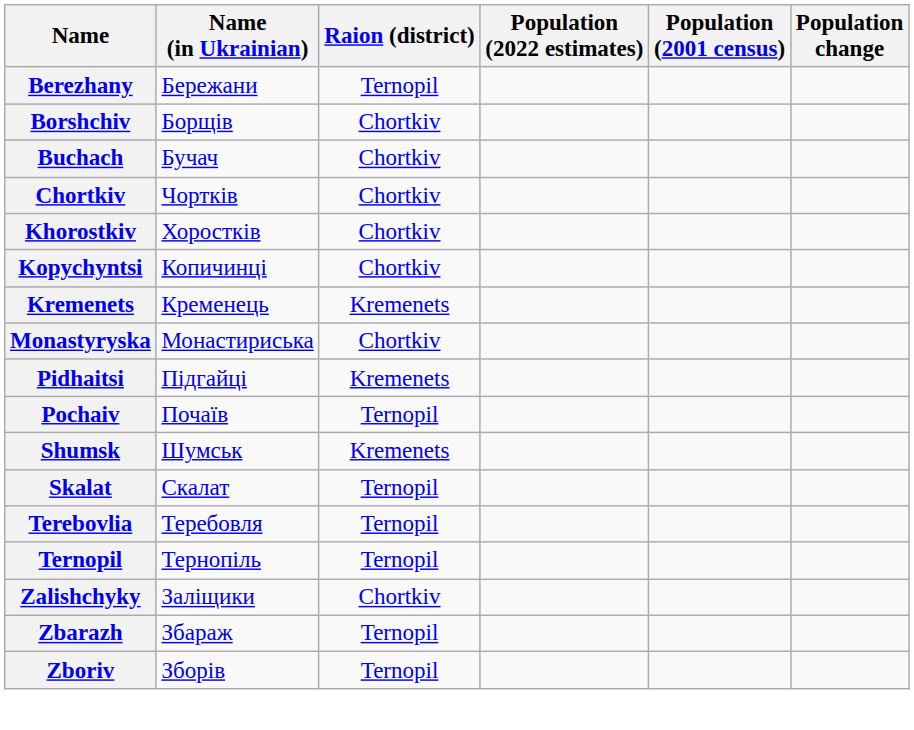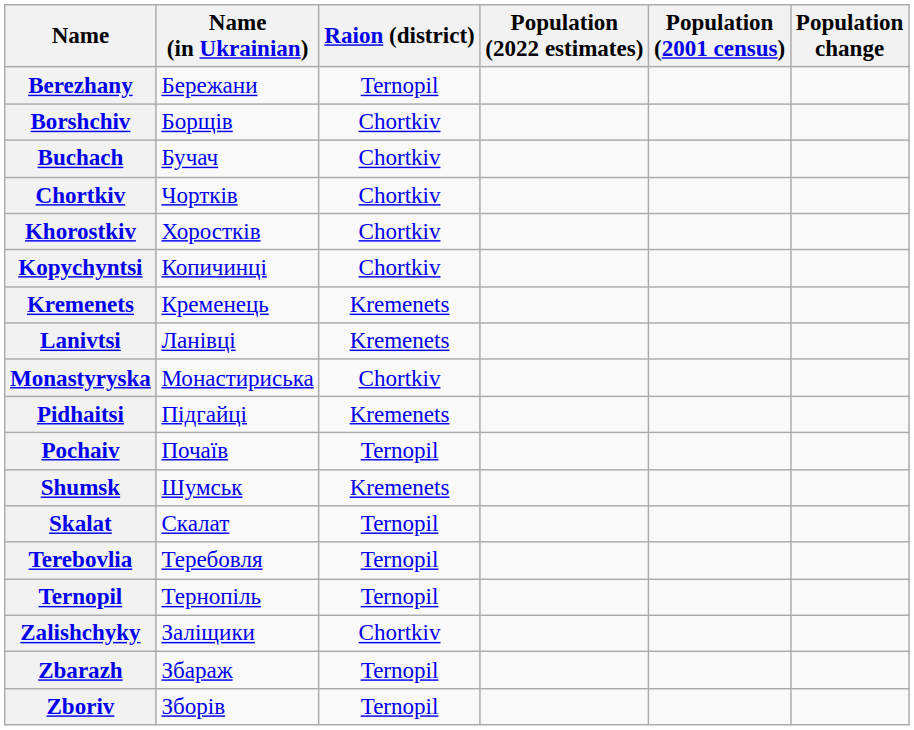 <table class="wikitable sortable" id="Table of cities" caption="Tabulated list of cities in ">
 <tr>
 <th scope="col">Name</th>
 <th scope="col">Name<br>(in <a href='#'>Ukrainian</a>)</th>
 <th scope="col"><a href='#'>Raion</a> (district)</th>
 <th scope="col">Population<br>(2022 estimates)</th>
 <th scope="col">Population<br>(<a href='#'>2001 census</a>)</th>
 <th scope="col">Population<br>change</th>
 </tr>
 <tr>
 <th scope="row" align="left"><a href='#'>Berezhany</a></th>
 <td><a href='#'>Бережани</a></td>
 <td align=center><a href='#'>Ternopil</a></td>
 <td align=right></td>
 <td align=right></td>
 <td align=right></td>
 </tr>
 <tr>
 <th scope="row" align="left"><a href='#'>Borshchiv</a></th>
 <td><a href='#'>Борщів</a></td>
 <td align=center><a href='#'>Chortkiv</a></td>
 <td align=right></td>
 <td align=right></td>
 <td align=right></td>
 </tr>
 <tr>
 <th scope="row" align="left"><a href='#'>Buchach</a></th>
 <td><a href='#'>Бучач</a></td>
 <td align=center><a href='#'>Chortkiv</a></td>
 <td align=right></td>
 <td align=right></td>
 <td align=right></td>
 </tr>
 <tr>
 <th scope="row" align="left"><a href='#'>Chortkiv</a></th>
 <td><a href='#'>Чортків</a></td>
 <td align=center><a href='#'>Chortkiv</a></td>
 <td align=right></td>
 <td align=right></td>
 <td align=right></td>
 </tr>
 <tr>
 <th scope="row" align="left"><a href='#'>Khorostkiv</a></th>
 <td><a href='#'>Хоростків</a></td>
 <td align=center><a href='#'>Chortkiv</a></td>
 <td align=right></td>
 <td align=right></td>
 <td align=right></td>
 </tr>
 <tr>
 <th scope="row" align="left"><a href='#'>Kopychyntsi</a></th>
 <td><a href='#'>Копичинці</a></td>
 <td align=center><a href='#'>Chortkiv</a></td>
 <td align=right></td>
 <td align=right></td>
 <td align=right></td>
 </tr>
 <tr>
 <th scope="row" align="left"><a href='#'>Kremenets</a></th>
 <td><a href='#'>Кременець</a></td>
+<td align=center><a href='#'>Kremenets</a></td>
+<td align=right></td>
+<td align=right></td>
+<td align=right></td>
+</tr>
+<tr>
+<th scope="row" align="left"><a href='#'>Lanivtsi</a></th>
+<td><a href='#'>Ланівці</a></td>
 <td align=center><a href='#'>Kremenets</a></td>
 <td align=right></td>
 <td align=right></td>
 <td align=right></td>
 </tr>
 <tr>
 <th scope="row" align="left"><a href='#'>Monastyryska</a></th>
 <td><a href='#'>Монастириська</a></td>
 <td align=center><a href='#'>Chortkiv</a></td>
 <td align=right></td>
 <td align=right></td>
 <td align=right></td>
 </tr>
 <tr>
 <th scope="row" align="left"><a href='#'>Pidhaitsi</a></th>
 <td><a href='#'>Підгайці</a></td>
 <td align=center><a href='#'>Kremenets</a></td>
 <td align=right></td>
 <td align=right></td>
 <td align=right></td>
 </tr>
 <tr>
 <th scope="row" align="left"><a href='#'>Pochaiv</a></th>
 <td><a href='#'>Почаїв</a></td>
 <td align=center><a href='#'>Ternopil</a></td>
 <td align=right></td>
 <td align=right></td>
 <td align=right></td>
 </tr>
 <tr>
 <th scope="row" align="left"><a href='#'>Shumsk</a></th>
 <td><a href='#'>Шумськ</a></td>
 <td align=center><a href='#'>Kremenets</a></td>
 <td align=right></td>
 <td align=right></td>
 <td align=right></td>
 </tr>
 <tr>
 <th scope="row" align="left"><a href='#'>Skalat</a></th>
 <td><a href='#'>Скалат</a></td>
 <td align=center><a href='#'>Ternopil</a></td>
 <td align=right></td>
 <td align=right></td>
 <td align=right></td>
 </tr>
 <tr>
 <th scope="row" align="left"><a href='#'>Terebovlia</a></th>
 <td><a href='#'>Теребовля</a></td>
 <td align=center><a href='#'>Ternopil</a></td>
 <td align=right></td>
 <td align=right></td>
 <td align=right></td>
 </tr>
 <tr>
 <th scope="row" align="left"><a href='#'>Ternopil</a></th>
 <td><a href='#'>Тернопіль</a></td>
 <td align=center><a href='#'>Ternopil</a></td>
 <td align=right></td>
 <td align=right></td>
 <td align=right></td>
 </tr>
 <tr>
 <th scope="row" align="left"><a href='#'>Zalishchyky</a></th>
 <td><a href='#'>Заліщики</a></td>
 <td align=center><a href='#'>Chortkiv</a></td>
 <td align=right></td>
 <td align=right></td>
 <td align=right></td>
 </tr>
 <tr>
 <th scope="row" align="left"><a href='#'>Zbarazh</a></th>
 <td><a href='#'>Збараж</a></td>
 <td align=center><a href='#'>Ternopil</a></td>
 <td align=right></td>
 <td align=right></td>
 <td align=right></td>
 </tr>
 <tr>
 <th scope="row" align="left"><a href='#'>Zboriv</a></th>
 <td><a href='#'>Зборів</a></td>
 <td align=center><a href='#'>Ternopil</a></td>
 <td align=right></td>
 <td align=right></td>
 <td align=right></td>
 </tr>
 </table>
